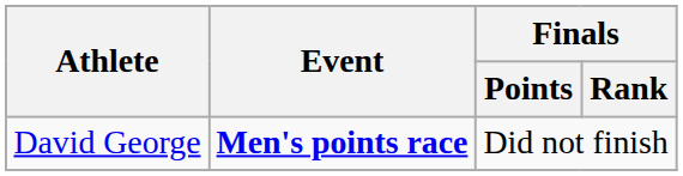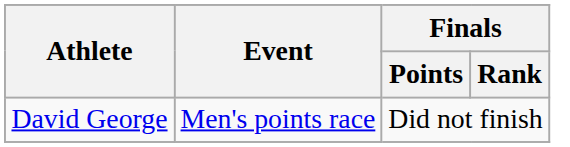 <table class=wikitable style="font-size:90%">
 <tr>
 <th rowspan="2">Athlete</th>
 <th rowspan="2">Event</th>
 <th colspan="2">Finals</th>
 </tr>
 <tr>
 <th>Points</th>
 <th>Rank</th>
 </tr>
 <tr>
 <td><a href='#'>David George</a></td>
-<td><strong><a href='#'>Men's points race</a></strong></td>
+<td><a href='#'>Men's points race</a></td>
 <td align=center colspan=2>Did not finish</td>
 </tr>
 </table>
